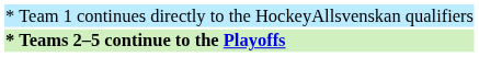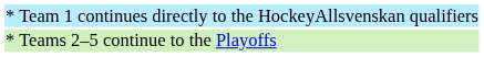 <table>
 <tr style="background: #BBEBFF;">
 <td>* Team 1 continues directly to the HockeyAllsvenskan qualifiers</td>
 </tr>
 <tr style="background: #D0F0C0;">
-<td><strong>* Teams 2–5 continue to the <a href='#'>Playoffs</a></strong></td>
+<td>* Teams 2–5 continue to the <a href='#'>Playoffs</a></td>
 </tr>
 </table>
